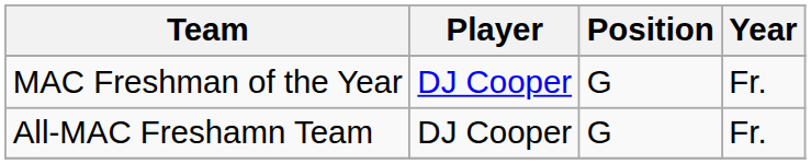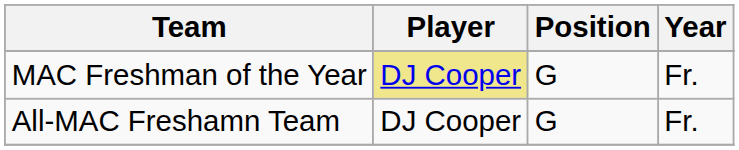 <table class="wikitable" border="1">
 <tr align=center>
 <th style= >Team</th>
 <th style= >Player</th>
 <th style= >Position</th>
 <th style= >Year</th>
 </tr>
 <tr align="center">
 </tr>
 <tr>
 <td>MAC Freshman of the Year</td>
-<td><a href='#'>DJ Cooper</a></td>
+<td style="background: khaki;"><a href='#'>DJ Cooper</a></td>
 <td>G</td>
 <td>Fr.</td>
 </tr>
 <tr>
 <td>All-MAC Freshamn Team</td>
 <td>DJ Cooper</td>
 <td>G</td>
 <td>Fr.</td>
 </tr>
 <tr>
 </tr>
 </table>
